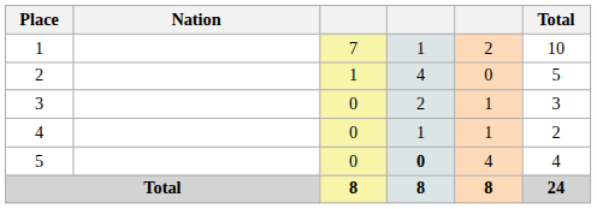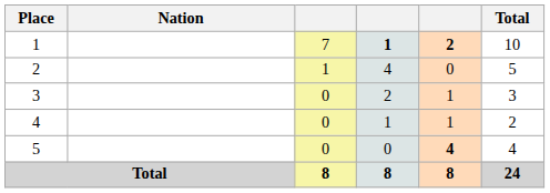 <table class=wikitable style="border:1px solid #AAAAAA;font-size:90%">
 <tr bgcolor="#EFEFEF">
 <th width=50>Place</th>
 <th width=200>Nation</th>
 <th width=50></th>
 <th width=50></th>
 <th width=50></th>
 <th width=50>Total</th>
 </tr>
 <tr align="center" valign="top" bgcolor="#FFFFFF">
 <td>1</td>
 <td align="left"></td>
 <td style="background:#F7F6A8;">7</td>
-<td style="background:#DCE5E5;">1</td>
-<td style="background:#FFDAB9;">2</td>
+<td style="background:#DCE5E5;"><strong>1</strong></td>
+<td style="background:#FFDAB9;"><strong>2</strong></td>
 <td>10</td>
 </tr>
 <tr align="center" valign="top" bgcolor="#FFFFFF">
 <td>2</td>
 <td align="left"></td>
 <td style="background:#F7F6A8;">1</td>
 <td style="background:#DCE5E5;">4</td>
 <td style="background:#FFDAB9;">0</td>
 <td>5</td>
 </tr>
 <tr align="center" valign="top" bgcolor="#FFFFFF">
 <td>3</td>
 <td align="left"></td>
 <td style="background:#F7F6A8;">0</td>
 <td style="background:#DCE5E5;">2</td>
 <td style="background:#FFDAB9;">1</td>
 <td>3</td>
 </tr>
 <tr align="center" valign="top" bgcolor="#FFFFFF">
 <td>4</td>
 <td align="left"></td>
 <td style="background:#F7F6A8;">0</td>
 <td style="background:#DCE5E5;">1</td>
 <td style="background:#FFDAB9;">1</td>
 <td>2</td>
 </tr>
 <tr align="center" valign="top" bgcolor="#FFFFFF">
 <td>5</td>
 <td align="left"></td>
 <td style="background:#F7F6A8;">0</td>
-<td style="background:#DCE5E5;"><strong>0</strong></td>
-<td style="background:#FFDAB9;">4</td>
+<td style="background:#DCE5E5;">0</td>
+<td style="background:#FFDAB9;"><strong>4</strong></td>
 <td>4</td>
 </tr>
 <tr align="center">
 <td colspan="2" bgcolor=D3D3D3><strong>Total</strong></td>
 <td style="background:#F7F6A8;"><strong>8</strong></td>
 <td style="background:#DCE5E5;"><strong>8</strong></td>
 <td style="background:#FFDAB9;"><strong>8</strong></td>
 <td bgcolor=D3D3D3><strong>24</strong></td>
 </tr>
 </table>
